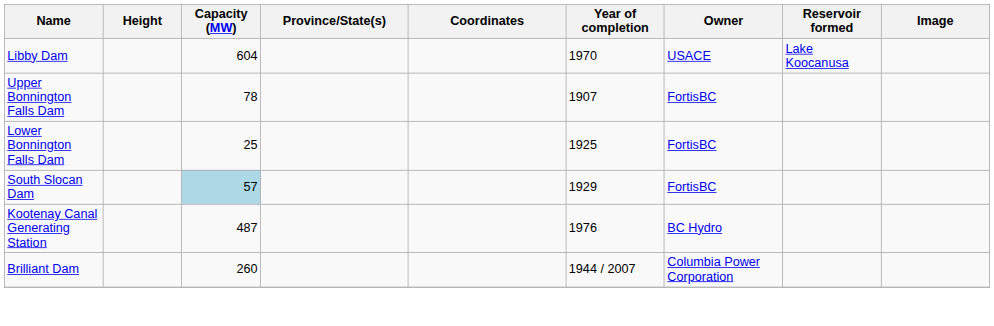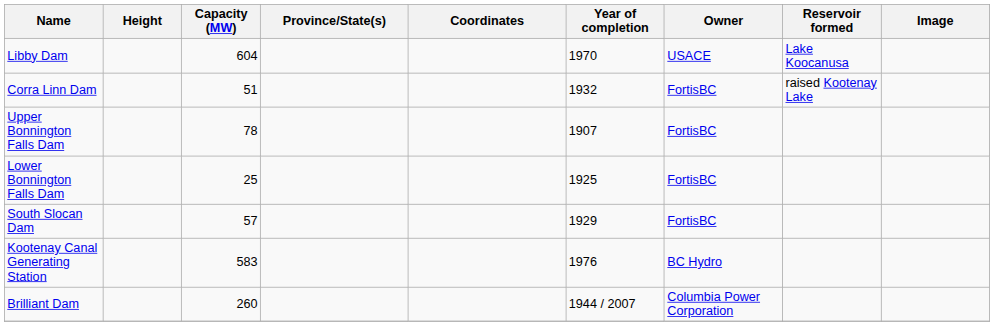 <table class="wikitable sortable" border="1">
 <tr>
 <th width="10%">Name</th>
 <th width="8%">Height</th>
 <th width="8%">Capacity (<a href='#'>MW</a>)</th>
 <th width="15%">Province/State(s)</th>
 <th width="16%">Coordinates</th>
 <th width="10%">Year of completion</th>
 <th width="12%">Owner</th>
 <th width="10%">Reservoir formed</th>
 <th>Image</th>
 </tr>
 <tr>
 <td><a href='#'>Libby Dam</a></td>
 <td></td>
 <td align="right">604</td>
 <td></td>
 <td></td>
 <td>1970</td>
 <td><a href='#'>USACE</a></td>
 <td><a href='#'>Lake Koocanusa</a></td>
+<td></td>
+</tr>
+<tr>
+<td><a href='#'>Corra Linn Dam</a></td>
+<td></td>
+<td align="right">51</td>
+<td></td>
+<td></td>
+<td>1932</td>
+<td><a href='#'>FortisBC</a></td>
+<td>raised <a href='#'>Kootenay Lake</a></td>
 <td></td>
 </tr>
 <tr>
 <td><a href='#'>Upper Bonnington Falls Dam</a></td>
 <td></td>
 <td align="right">78</td>
 <td></td>
 <td></td>
 <td>1907</td>
 <td><a href='#'>FortisBC</a></td>
 <td></td>
 <td></td>
 </tr>
 <tr>
 <td><a href='#'>Lower Bonnington Falls Dam</a></td>
 <td></td>
 <td align="right">25</td>
 <td></td>
 <td></td>
 <td>1925</td>
 <td><a href='#'>FortisBC</a></td>
 <td></td>
 <td></td>
 </tr>
 <tr>
 <td><a href='#'>South Slocan Dam</a></td>
 <td></td>
-<td align="right" style="background: lightblue;">57</td>
+<td align="right">57</td>
 <td></td>
 <td></td>
 <td>1929</td>
 <td><a href='#'>FortisBC</a></td>
 <td></td>
 <td></td>
 </tr>
 <tr>
 <td><a href='#'>Kootenay Canal Generating Station</a></td>
 <td></td>
-<td align="right">487</td>
+<td align="right">583</td>
 <td></td>
 <td></td>
 <td>1976</td>
 <td><a href='#'>BC Hydro</a></td>
 <td></td>
 <td></td>
 </tr>
 <tr>
 <td><a href='#'>Brilliant Dam</a></td>
 <td></td>
 <td align="right">260</td>
 <td></td>
 <td></td>
 <td>1944 / 2007</td>
 <td><a href='#'>Columbia Power Corporation</a></td>
 <td></td>
 <td></td>
 </tr>
 <tr>
 </tr>
 </table>
